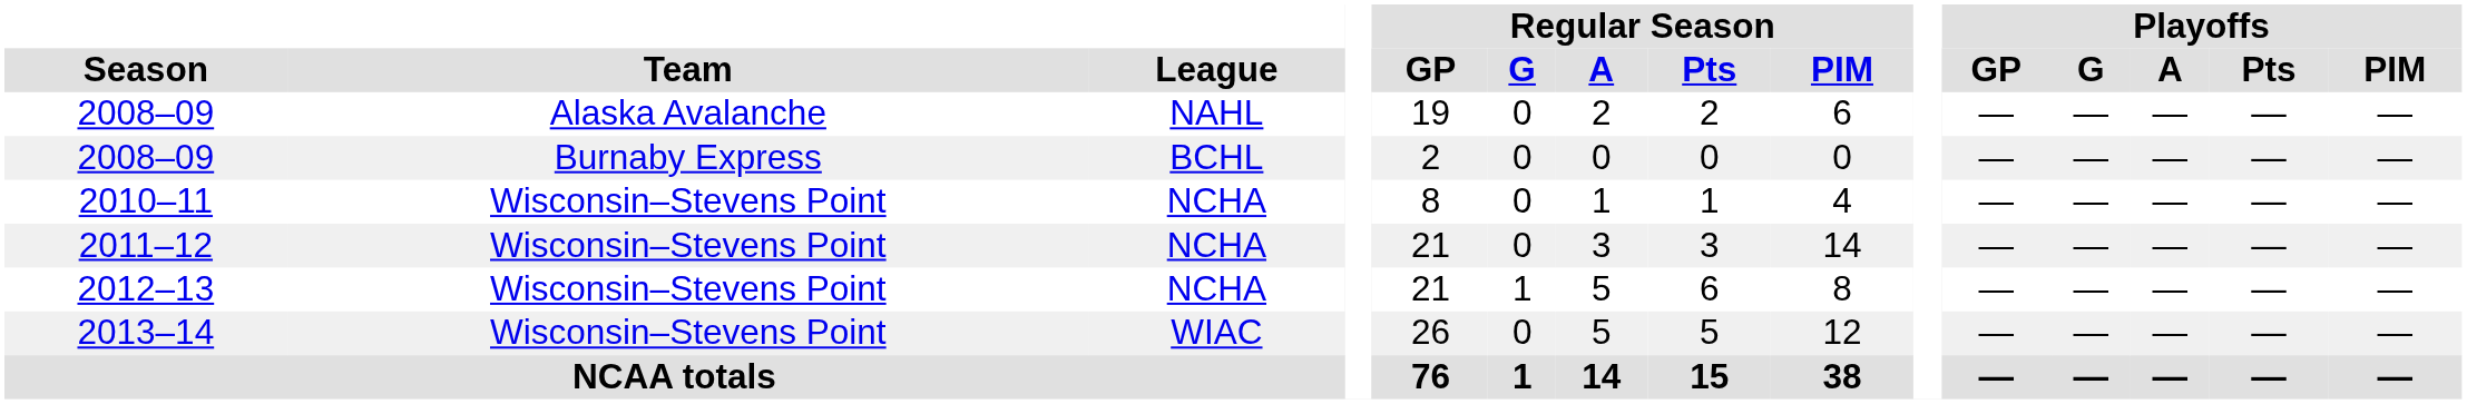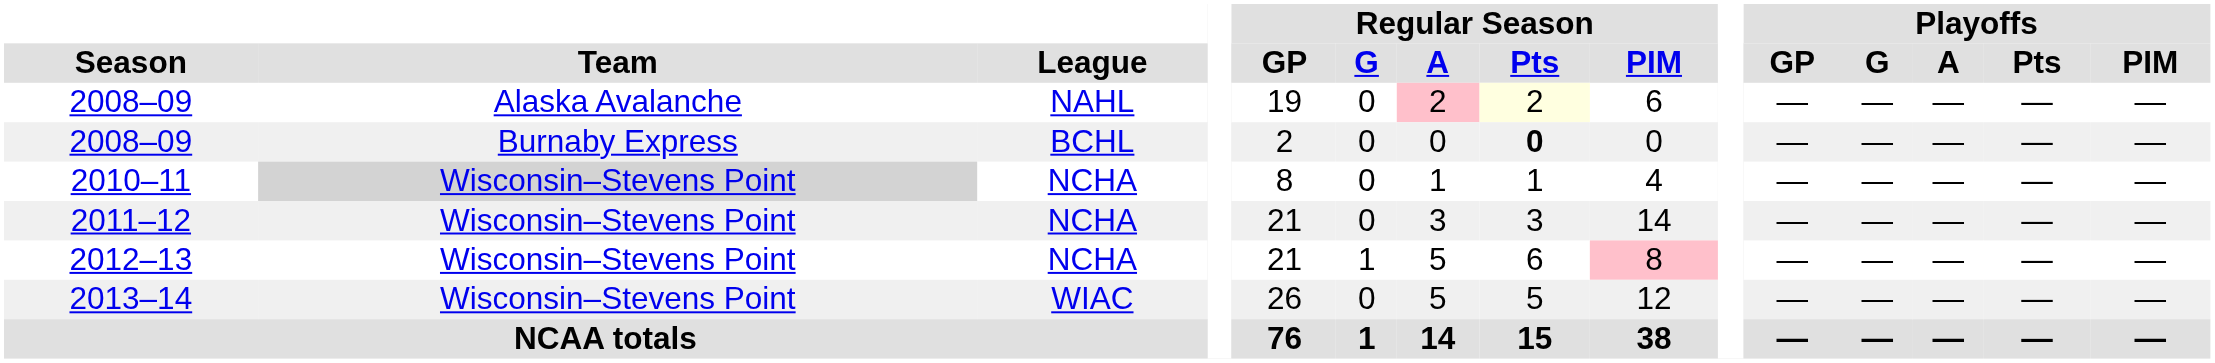 <table border="0" cellpadding="1" cellspacing="0" style="text-align:center; width:70em">
 <tr bgcolor="#e0e0e0">
 <th colspan="3"  bgcolor="#ffffff"> </th>
 <th rowspan="99" bgcolor="#ffffff"> </th>
 <th colspan="5">Regular Season</th>
 <th rowspan="99" bgcolor="#ffffff"> </th>
 <th colspan="5">Playoffs</th>
 </tr>
 <tr bgcolor="#e0e0e0">
 <th>Season</th>
 <th>Team</th>
 <th>League</th>
 <th>GP</th>
 <th><a href='#'>G</a></th>
 <th><a href='#'>A</a></th>
 <th><a href='#'>Pts</a></th>
 <th><a href='#'>PIM</a></th>
 <th>GP</th>
 <th>G</th>
 <th>A</th>
 <th>Pts</th>
 <th>PIM</th>
 </tr>
 <tr>
 <td><a href='#'>2008–09</a></td>
 <td><a href='#'>Alaska Avalanche</a></td>
 <td><a href='#'>NAHL</a></td>
 <td>19</td>
 <td>0</td>
-<td>2</td>
-<td>2</td>
+<td style="background: pink;">2</td>
+<td style="background: lightyellow;">2</td>
 <td>6</td>
 <td>—</td>
 <td>—</td>
 <td>—</td>
 <td>—</td>
 <td>—</td>
 </tr>
 <tr bgcolor="f0f0f0">
 <td><a href='#'>2008–09</a></td>
 <td><a href='#'>Burnaby Express</a></td>
 <td><a href='#'>BCHL</a></td>
 <td>2</td>
 <td>0</td>
 <td>0</td>
-<td>0</td>
+<td><strong>0</strong></td>
 <td>0</td>
 <td>—</td>
 <td>—</td>
 <td>—</td>
 <td>—</td>
 <td>—</td>
 </tr>
 <tr>
 <td><a href='#'>2010–11</a></td>
-<td><a href='#'>Wisconsin–Stevens Point</a></td>
+<td style="background: lightgrey;"><a href='#'>Wisconsin–Stevens Point</a></td>
 <td><a href='#'>NCHA</a></td>
 <td>8</td>
 <td>0</td>
 <td>1</td>
 <td>1</td>
 <td>4</td>
 <td>—</td>
 <td>—</td>
 <td>—</td>
 <td>—</td>
 <td>—</td>
 </tr>
 <tr bgcolor="f0f0f0">
 <td><a href='#'>2011–12</a></td>
 <td><a href='#'>Wisconsin–Stevens Point</a></td>
 <td><a href='#'>NCHA</a></td>
 <td>21</td>
 <td>0</td>
 <td>3</td>
 <td>3</td>
 <td>14</td>
 <td>—</td>
 <td>—</td>
 <td>—</td>
 <td>—</td>
 <td>—</td>
 </tr>
 <tr>
 <td><a href='#'>2012–13</a></td>
 <td><a href='#'>Wisconsin–Stevens Point</a></td>
 <td><a href='#'>NCHA</a></td>
 <td>21</td>
 <td>1</td>
 <td>5</td>
 <td>6</td>
-<td>8</td>
+<td style="background: pink;">8</td>
 <td>—</td>
 <td>—</td>
 <td>—</td>
 <td>—</td>
 <td>—</td>
 </tr>
 <tr bgcolor="f0f0f0">
 <td><a href='#'>2013–14</a></td>
 <td><a href='#'>Wisconsin–Stevens Point</a></td>
 <td><a href='#'>WIAC</a></td>
 <td>26</td>
 <td>0</td>
 <td>5</td>
 <td>5</td>
 <td>12</td>
 <td>—</td>
 <td>—</td>
 <td>—</td>
 <td>—</td>
 <td>—</td>
 </tr>
 <tr bgcolor="#e0e0e0">
 <th colspan="3">NCAA totals</th>
 <th>76</th>
 <th>1</th>
 <th>14</th>
 <th>15</th>
 <th>38</th>
 <th>—</th>
 <th>—</th>
 <th>—</th>
 <th>—</th>
 <th>—</th>
 </tr>
 </table>
